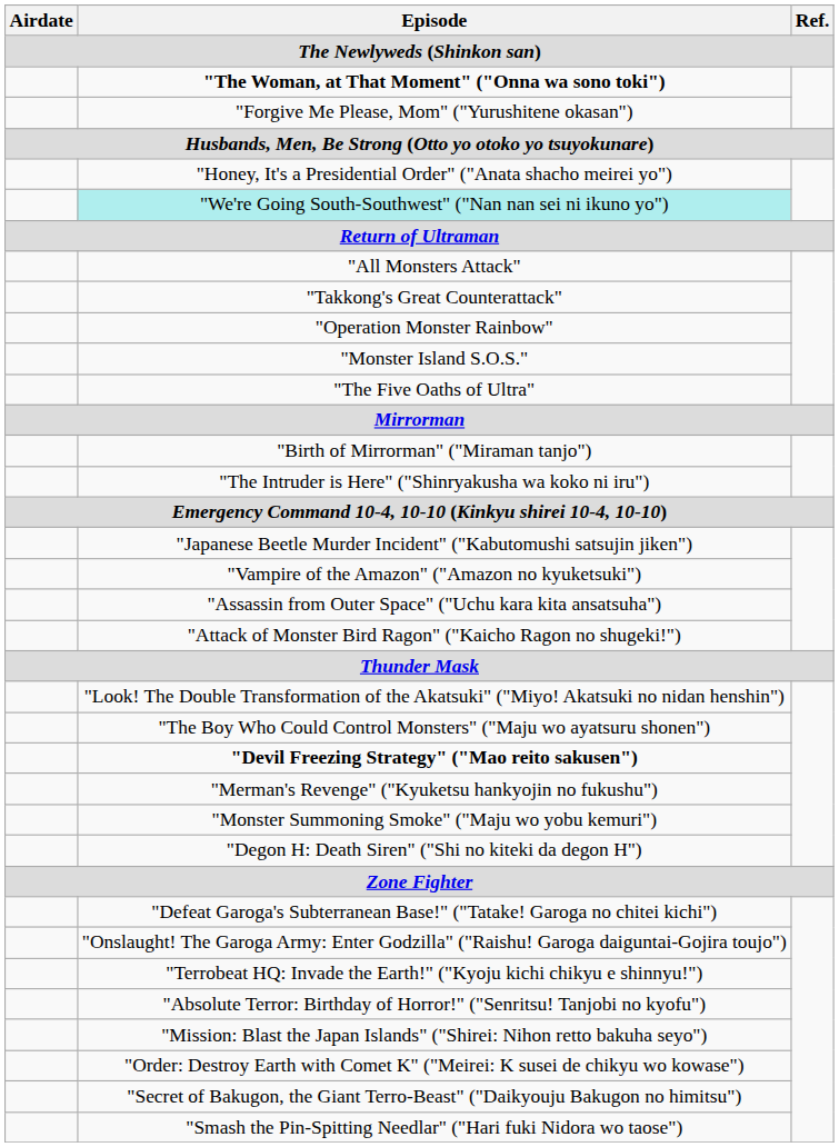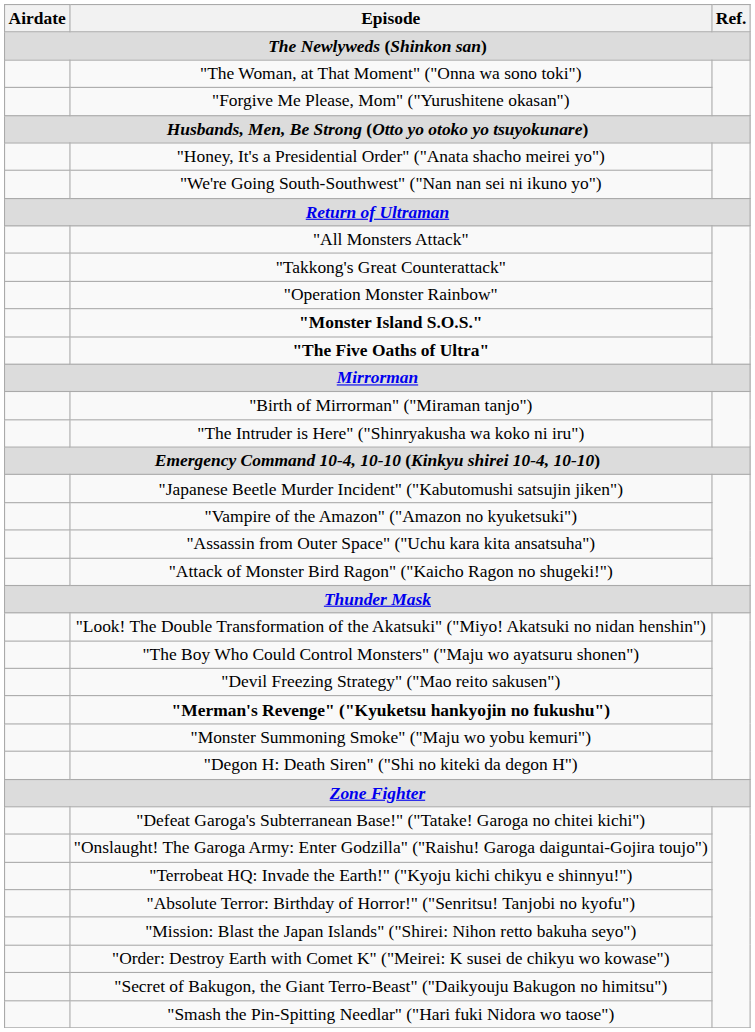 <table class="wikitable" style="text-align:center">
 <tr>
 <th colspan="1" style="vertical-align:bottom;">Airdate</th>
 <th colspan="1" style="vertical-align:bottom;">Episode</th>
 <th colspan="1" style="vertical-align:bottom;">Ref.</th>
 </tr>
 <tr>
 <th colspan=4 style=background:#dcdcdc; text-align:center><em>The Newlyweds</em> (<em>Shinkon san</em>)</th>
 </tr>
 <tr>
 <td></td>
-<td><strong>"The Woman, at That Moment" ("Onna wa sono toki")</strong></td>
+<td>"The Woman, at That Moment" ("Onna wa sono toki")</td>
 <td rowspan=2 style="text-align:center;"></td>
 </tr>
 <tr>
 <td></td>
 <td>"Forgive Me Please, Mom" ("Yurushitene okasan")</td>
 </tr>
 <tr>
 <th colspan=4 style=background:#dcdcdc; text-align:center><em>Husbands, Men, Be Strong</em> (<em>Otto yo otoko yo tsuyokunare</em>)</th>
 </tr>
 <tr>
 <td></td>
 <td>"Honey, It's a Presidential Order" ("Anata shacho meirei yo")</td>
 <td rowspan=2 style="text-align:center;"></td>
 </tr>
 <tr>
 <td></td>
-<td style="background: paleturquoise;">"We're Going South-Southwest" ("Nan nan sei ni ikuno yo")</td>
+<td>"We're Going South-Southwest" ("Nan nan sei ni ikuno yo")</td>
 </tr>
 <tr>
 <th colspan=4 style=background:#dcdcdc; text-align:center><em><a href='#'>Return of Ultraman</a></em></th>
 </tr>
 <tr>
 <td></td>
 <td>"All Monsters Attack"</td>
 <td rowspan=5 style="text-align:center;"></td>
 </tr>
 <tr>
 <td></td>
 <td>"Takkong's Great Counterattack"</td>
 </tr>
 <tr>
 <td></td>
 <td>"Operation Monster Rainbow"</td>
 </tr>
 <tr>
 <td></td>
-<td>"Monster Island S.O.S."</td>
+<td><strong>"Monster Island S.O.S."</strong></td>
 </tr>
 <tr>
 <td></td>
-<td>"The Five Oaths of Ultra"</td>
+<td><strong>"The Five Oaths of Ultra"</strong></td>
 </tr>
 <tr>
 <th colspan=4 style=background:#dcdcdc; text-align:center><em><a href='#'>Mirrorman</a></em></th>
 </tr>
 <tr>
 <td></td>
 <td>"Birth of Mirrorman" ("Miraman tanjo")</td>
 <td rowspan=2 style="text-align:center;"></td>
 </tr>
 <tr>
 <td></td>
 <td>"The Intruder is Here" ("Shinryakusha wa koko ni iru")</td>
 </tr>
 <tr>
 <th colspan=4 style=background:#dcdcdc; text-align:center><em>Emergency Command 10-4, 10-10</em> (<em>Kinkyu shirei 10-4, 10-10</em>)</th>
 </tr>
 <tr>
 <td></td>
 <td>"Japanese Beetle Murder Incident" ("Kabutomushi satsujin jiken")</td>
 <td rowspan=4 style="text-align:center;"></td>
 </tr>
 <tr>
 <td></td>
 <td>"Vampire of the Amazon" ("Amazon no kyuketsuki")</td>
 </tr>
 <tr>
 <td></td>
 <td>"Assassin from Outer Space" ("Uchu kara kita ansatsuha")</td>
 </tr>
 <tr>
 <td></td>
 <td>"Attack of Monster Bird Ragon" ("Kaicho Ragon no shugeki!")</td>
 </tr>
 <tr>
 <th colspan=4 style=background:#dcdcdc; text-align:center><em><a href='#'>Thunder Mask</a></em></th>
 </tr>
 <tr>
 <td></td>
 <td>"Look! The Double Transformation of the Akatsuki" ("Miyo! Akatsuki no nidan henshin")</td>
 <td rowspan=6></td>
 </tr>
 <tr>
 <td></td>
 <td>"The Boy Who Could Control Monsters" ("Maju wo ayatsuru shonen")</td>
 </tr>
 <tr>
 <td></td>
-<td><strong>"Devil Freezing Strategy" ("Mao reito sakusen")</strong></td>
+<td>"Devil Freezing Strategy" ("Mao reito sakusen")</td>
 </tr>
 <tr>
 <td></td>
-<td>"Merman's Revenge" ("Kyuketsu hankyojin no fukushu")</td>
+<td><strong>"Merman's Revenge" ("Kyuketsu hankyojin no fukushu")</strong></td>
 </tr>
 <tr>
 <td></td>
 <td>"Monster Summoning Smoke" ("Maju wo yobu kemuri")</td>
 </tr>
 <tr>
 <td></td>
 <td>"Degon H: Death Siren" ("Shi no kiteki da degon H")</td>
 </tr>
 <tr>
 <th colspan=4 style=background:#dcdcdc; text-align:center><em><a href='#'>Zone Fighter</a></em></th>
 </tr>
 <tr>
 <td></td>
 <td>"Defeat Garoga's Subterranean Base!" ("Tatake! Garoga no chitei kichi")</td>
 <td rowspan=8 style="text-align:center;"></td>
 </tr>
 <tr>
 <td></td>
 <td>"Onslaught! The Garoga Army: Enter Godzilla" ("Raishu! Garoga daiguntai-Gojira toujo")</td>
 </tr>
 <tr>
 <td></td>
 <td>"Terrobeat HQ: Invade the Earth!" ("Kyoju kichi chikyu e shinnyu!")</td>
 </tr>
 <tr>
 <td></td>
 <td>"Absolute Terror: Birthday of Horror!" ("Senritsu! Tanjobi no kyofu")</td>
 </tr>
 <tr>
 <td></td>
 <td>"Mission: Blast the Japan Islands" ("Shirei: Nihon retto bakuha seyo")</td>
 </tr>
 <tr>
 <td></td>
 <td>"Order: Destroy Earth with Comet K" ("Meirei: K susei de chikyu wo kowase")</td>
 </tr>
 <tr>
 <td></td>
 <td>"Secret of Bakugon, the Giant Terro-Beast" ("Daikyouju Bakugon no himitsu")</td>
 </tr>
 <tr>
 <td></td>
 <td>"Smash the Pin-Spitting Needlar" ("Hari fuki Nidora wo taose")</td>
 </tr>
 <tr>
 </tr>
 </table>
